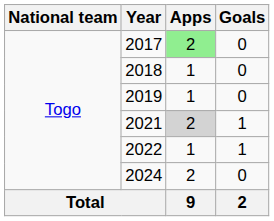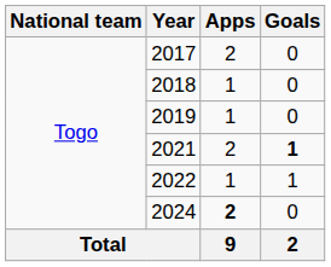 <table class="wikitable" style="text-align:center">
 <tr>
 <th>National team</th>
 <th>Year</th>
 <th>Apps</th>
 <th>Goals</th>
 </tr>
 <tr>
 <td rowspan="6"><a href='#'>Togo</a></td>
 <td>2017</td>
-<td style="background: lightgreen;">2</td>
+<td>2</td>
 <td>0</td>
 </tr>
 <tr>
 <td>2018</td>
 <td>1</td>
 <td>0</td>
 </tr>
 <tr>
 <td>2019</td>
 <td>1</td>
 <td>0</td>
 </tr>
 <tr>
 <td>2021</td>
-<td style="background: lightgrey;">2</td>
-<td>1</td>
+<td>2</td>
+<td><strong>1</strong></td>
 </tr>
 <tr>
 <td>2022</td>
 <td>1</td>
 <td>1</td>
 </tr>
 <tr>
 <td>2024</td>
-<td>2</td>
+<td><strong>2</strong></td>
 <td>0</td>
 </tr>
 <tr>
 <th colspan="2">Total</th>
 <th>9</th>
 <th>2</th>
 </tr>
 </table>
